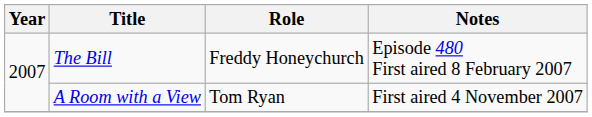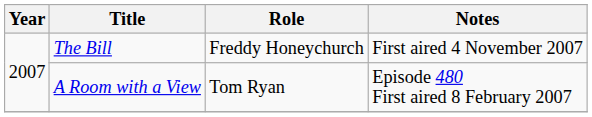 <table class="wikitable">
 <tr>
 <th>Year</th>
 <th>Title</th>
 <th>Role</th>
 <th>Notes</th>
 </tr>
 <tr>
 <td rowspan="2">2007</td>
 <td><em><a href='#'>The Bill</a></em></td>
 <td>Freddy Honeychurch</td>
-<td>Episode <em><a href='#'>480</a></em><br>First aired 8 February 2007</td>
+<td>First aired 4 November 2007</td>
 </tr>
 <tr>
 <td><em><a href='#'>A Room with a View</a></em></td>
 <td>Tom Ryan</td>
-<td>First aired 4 November 2007</td>
+<td>Episode <em><a href='#'>480</a></em><br>First aired 8 February 2007</td>
 </tr>
 <tr>
 </tr>
 </table>
